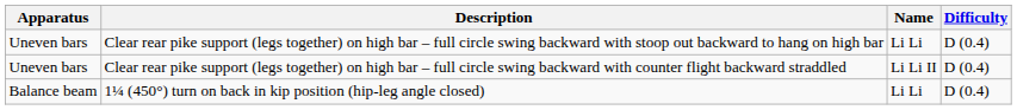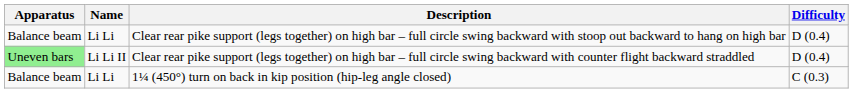 <table class="wikitable">
 <tr>
 <th>Apparatus</th>
+<th>Name</th>
 <th>Description</th>
-<th>Name</th>
 <th><a href='#'>Difficulty</a></th>
 </tr>
 <tr>
-<td>Uneven bars</td>
+<td>Balance beam</td>
+<td>Li Li</td>
 <td>Clear rear pike support (legs together) on high bar – full circle swing backward with stoop out backward to hang on high bar</td>
-<td>Li Li</td>
 <td>D (0.4)</td>
 </tr>
 <tr>
-<td>Uneven bars</td>
+<td style="background: lightgreen;">Uneven bars</td>
+<td>Li Li II</td>
 <td>Clear rear pike support (legs together) on high bar – full circle swing backward with counter flight backward straddled</td>
-<td>Li Li II</td>
 <td>D (0.4)</td>
 </tr>
 <tr>
 <td>Balance beam</td>
+<td>Li Li</td>
 <td>1¼ (450°) turn on back in kip position (hip-leg angle closed)</td>
-<td>Li Li</td>
-<td>D (0.4)</td>
+<td>C (0.3)</td>
 </tr>
 </table>
